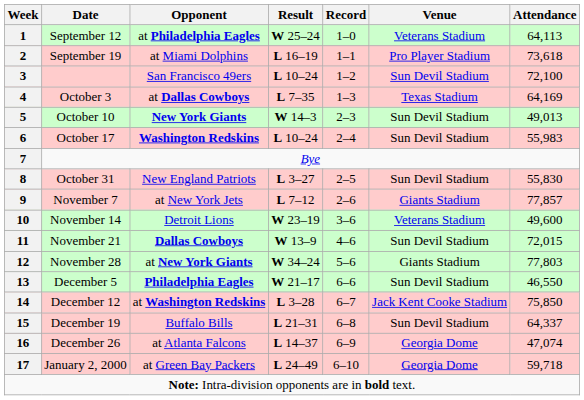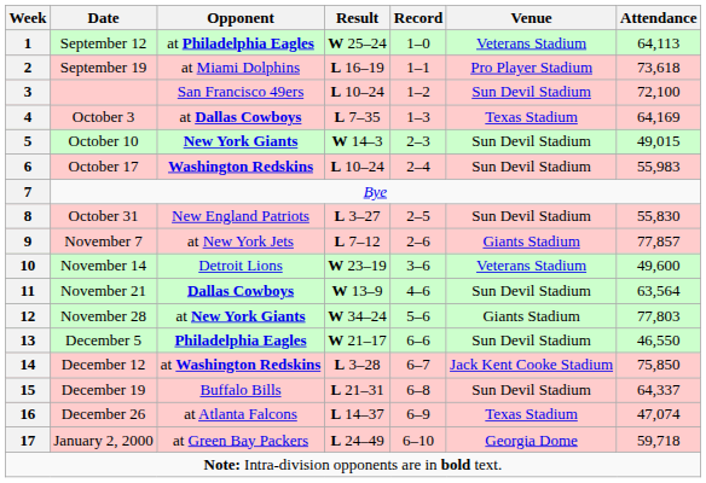 <table class="wikitable" style="text-align:center">
 <tr>
 <th>Week</th>
 <th>Date</th>
 <th>Opponent</th>
 <th>Result</th>
 <th>Record</th>
 <th>Venue</th>
 <th>Attendance</th>
 </tr>
 <tr style="background:#cfc">
 <th>1</th>
 <td>September 12</td>
 <td>at <strong><a href='#'>Philadelphia Eagles</a></strong></td>
 <td><strong>W</strong> 25–24</td>
 <td>1–0</td>
 <td><a href='#'>Veterans Stadium</a></td>
 <td>64,113</td>
 </tr>
 <tr style="background:#fcc">
 <th>2</th>
 <td>September 19</td>
 <td>at <a href='#'>Miami Dolphins</a></td>
 <td><strong>L</strong> 16–19</td>
 <td>1–1</td>
 <td><a href='#'>Pro Player Stadium</a></td>
 <td>73,618</td>
 </tr>
 <tr style="background:#fcc">
 <th>3</th>
 <td></td>
 <td><a href='#'>San Francisco 49ers</a></td>
 <td><strong>L</strong> 10–24</td>
 <td>1–2</td>
 <td><a href='#'>Sun Devil Stadium</a></td>
 <td>72,100</td>
 </tr>
 <tr style="background:#fcc">
 <th>4</th>
 <td>October 3</td>
 <td>at <strong><a href='#'>Dallas Cowboys</a></strong></td>
 <td><strong>L</strong> 7–35</td>
 <td>1–3</td>
 <td><a href='#'>Texas Stadium</a></td>
 <td>64,169</td>
 </tr>
 <tr style="background:#cfc">
 <th>5</th>
 <td>October 10</td>
 <td><strong><a href='#'>New York Giants</a></strong></td>
 <td><strong>W</strong> 14–3</td>
 <td>2–3</td>
 <td>Sun Devil Stadium</td>
-<td>49,013</td>
+<td>49,015</td>
 </tr>
 <tr style="background:#fcc">
 <th>6</th>
 <td>October 17</td>
 <td><strong><a href='#'>Washington Redskins</a></strong></td>
 <td><strong>L</strong> 10–24</td>
 <td>2–4</td>
 <td>Sun Devil Stadium</td>
 <td>55,983</td>
 </tr>
 <tr>
 <th>7</th>
 <td colspan="7"><em><a href='#'>Bye</a></em></td>
 </tr>
 <tr style="background:#fcc">
 <th>8</th>
 <td>October 31</td>
 <td><a href='#'>New England Patriots</a></td>
 <td><strong>L</strong> 3–27</td>
 <td>2–5</td>
 <td>Sun Devil Stadium</td>
 <td>55,830</td>
 </tr>
 <tr style="background:#fcc">
 <th>9</th>
 <td>November 7</td>
 <td>at <a href='#'>New York Jets</a></td>
 <td><strong>L</strong> 7–12</td>
 <td>2–6</td>
 <td><a href='#'>Giants Stadium</a></td>
 <td>77,857</td>
 </tr>
 <tr style="background:#cfc">
 <th>10</th>
 <td>November 14</td>
 <td><a href='#'>Detroit Lions</a></td>
 <td><strong>W</strong> 23–19</td>
 <td>3–6</td>
 <td><a href='#'>Veterans Stadium</a></td>
 <td>49,600</td>
 </tr>
 <tr style="background:#cfc">
 <th>11</th>
 <td>November 21</td>
 <td><strong><a href='#'>Dallas Cowboys</a></strong></td>
 <td><strong>W</strong> 13–9</td>
 <td>4–6</td>
 <td>Sun Devil Stadium</td>
-<td>72,015</td>
+<td>63,564</td>
 </tr>
 <tr style="background:#cfc">
 <th>12</th>
 <td>November 28</td>
 <td>at <strong><a href='#'>New York Giants</a></strong></td>
 <td><strong>W</strong> 34–24</td>
 <td>5–6</td>
 <td>Giants Stadium</td>
 <td>77,803</td>
 </tr>
 <tr style="background:#cfc">
 <th>13</th>
 <td>December 5</td>
 <td><strong><a href='#'>Philadelphia Eagles</a></strong></td>
 <td><strong>W</strong> 21–17</td>
 <td>6–6</td>
 <td>Sun Devil Stadium</td>
 <td>46,550</td>
 </tr>
 <tr style="background:#fcc">
 <th>14</th>
 <td>December 12</td>
 <td>at <strong><a href='#'>Washington Redskins</a></strong></td>
 <td><strong>L</strong> 3–28</td>
 <td>6–7</td>
 <td><a href='#'>Jack Kent Cooke Stadium</a></td>
 <td>75,850</td>
 </tr>
 <tr style="background:#fcc">
 <th>15</th>
 <td>December 19</td>
 <td><a href='#'>Buffalo Bills</a></td>
 <td><strong>L</strong> 21–31</td>
 <td>6–8</td>
 <td>Sun Devil Stadium</td>
 <td>64,337</td>
 </tr>
 <tr style="background:#fcc">
 <th>16</th>
 <td>December 26</td>
 <td>at <a href='#'>Atlanta Falcons</a></td>
 <td><strong>L</strong> 14–37</td>
 <td>6–9</td>
-<td><a href='#'>Georgia Dome</a></td>
+<td><a href='#'>Texas Stadium</a></td>
 <td>47,074</td>
 </tr>
 <tr style="background:#fcc">
 <th>17</th>
 <td>January 2, 2000</td>
 <td>at <a href='#'>Green Bay Packers</a></td>
 <td><strong>L</strong> 24–49</td>
 <td>6–10</td>
 <td><a href='#'>Georgia Dome</a></td>
 <td>59,718</td>
 </tr>
 <tr>
 <td colspan="8"><strong>Note:</strong> Intra-division opponents are in <strong>bold</strong> text.</td>
 </tr>
 </table>
